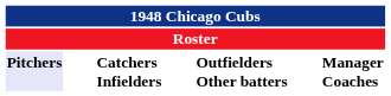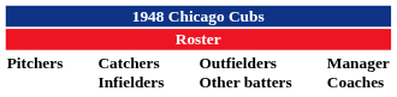 <table class="toccolours" style="font-size: 95%;">
 <tr>
 <th colspan="10" style="background-color: #0e3386; color: white; text-align: center;">1948 Chicago Cubs</th>
 </tr>
 <tr>
 <td colspan="10" style="background-color: #EE1422; color: white; text-align: center;"><strong>Roster</strong></td>
 </tr>
 <tr>
-<td valign="top" style="background: lavender;"><strong>Pitchers</strong><br>               </td>
+<td valign="top"><strong>Pitchers</strong><br>               </td>
 <td width="25px"></td>
 <td valign="top"><strong>Catchers</strong><br>   <strong>Infielders</strong>           </td>
 <td width="25px"></td>
 <td valign="top"><strong>Outfielders</strong><br>      <strong>Other batters</strong> </td>
 <td width="25px"></td>
 <td valign="top"><strong>Manager</strong><br> <strong>Coaches</strong>     </td>
 </tr>
 <tr>
 </tr>
 </table>
